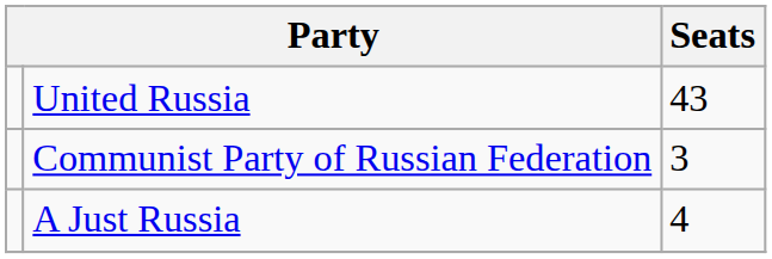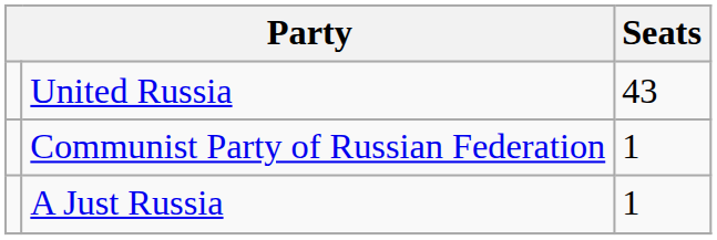 <table class="wikitable">
 <tr>
 <th colspan="2">Party</th>
 <th>Seats</th>
 </tr>
 <tr>
 <td style="background-color: "></td>
 <td><a href='#'>United Russia</a></td>
 <td>43</td>
 </tr>
 <tr>
 <td style="background-color: "></td>
 <td><a href='#'>Communist Party of Russian Federation</a></td>
-<td>3</td>
+<td>1</td>
 </tr>
 <tr>
 <td style="background-color: "></td>
 <td><a href='#'>A Just Russia</a></td>
-<td>4</td>
+<td>1</td>
 </tr>
 <tr>
 </tr>
 </table>
